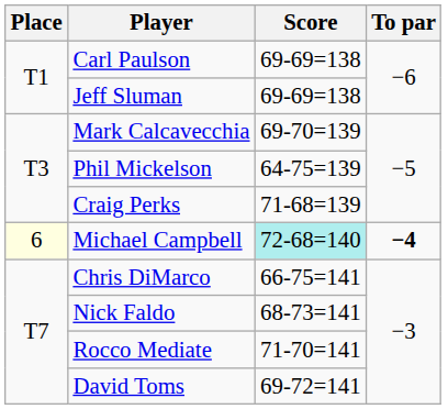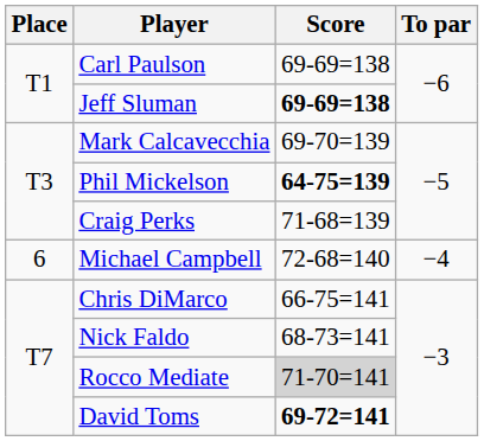 <table class="wikitable">
 <tr>
 <th>Place</th>
 <th>Player</th>
 <th>Score</th>
 <th>To par</th>
 </tr>
 <tr>
 <td align="center" rowspan="2">T1</td>
 <td> <a href='#'>Carl Paulson</a></td>
 <td>69-69=138</td>
 <td rowspan="2" align=center>−6</td>
 </tr>
 <tr>
 <td> <a href='#'>Jeff Sluman</a></td>
-<td>69-69=138</td>
+<td><strong>69-69=138</strong></td>
 </tr>
 <tr>
 <td rowspan="3" align=center>T3</td>
 <td> <a href='#'>Mark Calcavecchia</a></td>
 <td>69-70=139</td>
 <td rowspan="3" align=center>−5</td>
 </tr>
 <tr>
 <td> <a href='#'>Phil Mickelson</a></td>
-<td>64-75=139</td>
+<td><strong>64-75=139</strong></td>
 </tr>
 <tr>
 <td> <a href='#'>Craig Perks</a></td>
 <td>71-68=139</td>
 </tr>
 <tr>
-<td align="center" style="background: lightyellow;">6</td>
+<td align="center">6</td>
 <td> <a href='#'>Michael Campbell</a></td>
-<td style="background: paleturquoise;">72-68=140</td>
-<td align=center><strong>−4</strong></td>
+<td>72-68=140</td>
+<td align=center>−4</td>
 </tr>
 <tr>
 <td align="center" rowspan="4">T7</td>
 <td> <a href='#'>Chris DiMarco</a></td>
 <td>66-75=141</td>
 <td rowspan="4" align=center>−3</td>
 </tr>
 <tr>
 <td> <a href='#'>Nick Faldo</a></td>
 <td>68-73=141</td>
 </tr>
 <tr>
 <td> <a href='#'>Rocco Mediate</a></td>
-<td>71-70=141</td>
+<td style="background: lightgrey;">71-70=141</td>
 </tr>
 <tr>
 <td> <a href='#'>David Toms</a></td>
-<td>69-72=141</td>
+<td><strong>69-72=141</strong></td>
 </tr>
 </table>
